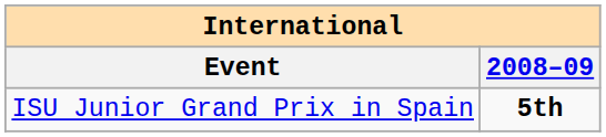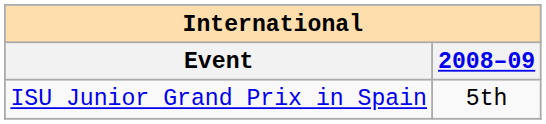 <table class="wikitable" style="text-align:center">
 <tr>
 <th style="background-color: #ffdead; " colspan=2 align=center>International</th>
 </tr>
 <tr>
 <th>Event</th>
 <th><a href='#'>2008–09</a></th>
 </tr>
 <tr>
 <td align=left><a href='#'>ISU Junior Grand Prix in Spain</a></td>
-<td><strong>5th</strong></td>
+<td>5th</td>
 </tr>
 </table>
